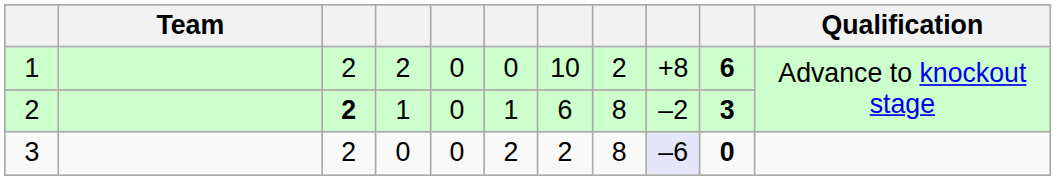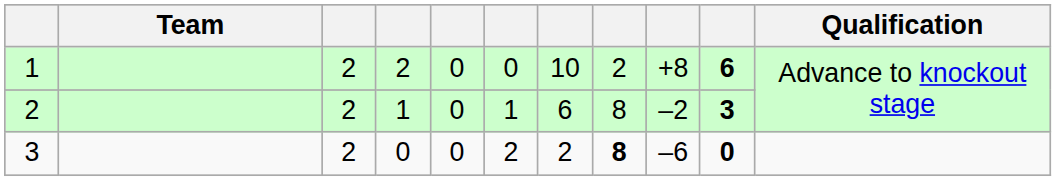 <table class="wikitable" style="text-align: center;">
 <tr>
 <th width="25"></th>
 <th width="150">Team</th>
 <th width="25"></th>
 <th width="25"></th>
 <th width="25"></th>
 <th width="25"></th>
 <th width="25"></th>
 <th width="25"></th>
 <th width="25"></th>
 <th width="25"></th>
 <th width="170">Qualification</th>
 </tr>
 <tr align=center style="background:#ccffcc;">
 <td>1</td>
 <td style="text-align:left;"></td>
 <td>2</td>
 <td>2</td>
 <td>0</td>
 <td>0</td>
 <td>10</td>
 <td>2</td>
 <td>+8</td>
 <td><strong>6</strong></td>
 <td rowspan="2">Advance to <a href='#'>knockout stage</a></td>
 </tr>
 <tr align=center style="background:#ccffcc;">
 <td>2</td>
 <td style="text-align:left;"></td>
-<td><strong>2</strong></td>
+<td>2</td>
 <td>1</td>
 <td>0</td>
 <td>1</td>
 <td>6</td>
 <td>8</td>
 <td>–2</td>
 <td><strong>3</strong></td>
 </tr>
 <tr align=center>
 <td>3</td>
 <td style="text-align:left;"></td>
 <td>2</td>
 <td>0</td>
 <td>0</td>
 <td>2</td>
 <td>2</td>
-<td>8</td>
-<td style="background: lavender;">–6</td>
+<td><strong>8</strong></td>
+<td>–6</td>
 <td><strong>0</strong></td>
 <td></td>
 </tr>
 </table>
